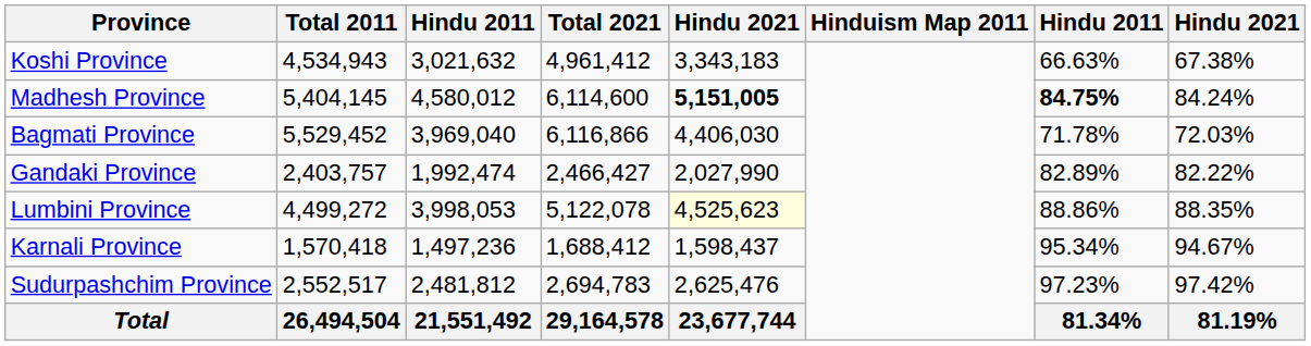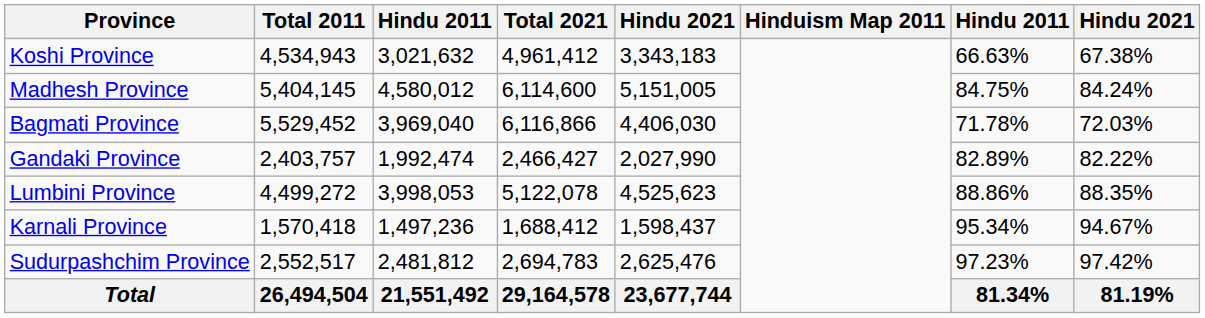 <table class="wikitable sortable static-row-numbers static-row-header-text">
 <tr>
 <th>Province</th>
 <th>Total  2011</th>
 <th>Hindu  2011</th>
 <th>Total  2021</th>
 <th>Hindu  2021</th>
 <th>Hinduism Map 2011</th>
 <th>Hindu  2011</th>
 <th>Hindu  2021</th>
 </tr>
 <tr>
 <td><a href='#'>Koshi Province</a></td>
 <td>4,534,943</td>
 <td>3,021,632</td>
 <td>4,961,412</td>
 <td>3,343,183</td>
 <td rowspan="8"></td>
 <td>66.63%</td>
 <td>67.38%</td>
 </tr>
 <tr>
 <td><a href='#'>Madhesh Province</a></td>
 <td>5,404,145</td>
 <td>4,580,012</td>
 <td>6,114,600</td>
-<td><strong>5,151,005</strong></td>
-<td><strong>84.75%</strong></td>
+<td>5,151,005</td>
+<td>84.75%</td>
 <td>84.24%</td>
 </tr>
 <tr>
 <td><a href='#'>Bagmati Province</a></td>
 <td>5,529,452</td>
 <td>3,969,040</td>
 <td>6,116,866</td>
 <td>4,406,030</td>
 <td>71.78%</td>
 <td>72.03%</td>
 </tr>
 <tr>
 <td><a href='#'>Gandaki Province</a></td>
 <td>2,403,757</td>
 <td>1,992,474</td>
 <td>2,466,427</td>
 <td>2,027,990</td>
 <td>82.89%</td>
 <td>82.22%</td>
 </tr>
 <tr>
 <td><a href='#'>Lumbini Province</a></td>
 <td>4,499,272</td>
 <td>3,998,053</td>
 <td>5,122,078</td>
-<td style="background: lightyellow;">4,525,623</td>
+<td>4,525,623</td>
 <td>88.86%</td>
 <td>88.35%</td>
 </tr>
 <tr>
 <td><a href='#'>Karnali Province</a></td>
 <td>1,570,418</td>
 <td>1,497,236</td>
 <td>1,688,412</td>
 <td>1,598,437</td>
 <td>95.34%</td>
 <td>94.67%</td>
 </tr>
 <tr>
 <td><a href='#'>Sudurpashchim Province</a></td>
 <td>2,552,517</td>
 <td>2,481,812</td>
 <td>2,694,783</td>
 <td>2,625,476</td>
 <td>97.23%</td>
 <td>97.42%</td>
 </tr>
 <tr>
 <th><strong><em>Total</em></strong></th>
 <th>26,494,504</th>
 <th>21,551,492</th>
 <th>29,164,578</th>
 <th>23,677,744</th>
 <th>81.34%</th>
 <th>81.19%</th>
 </tr>
 </table>
